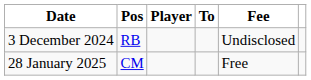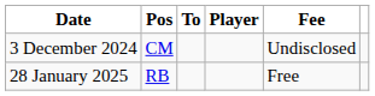 <table class="wikitable plainrowheaders sortable">
 <tr>
 <th style="background-color:white;">Date</th>
 <th style="background-color:white;">Pos</th>
+<th style="background-color:white;">To</th>
 <th style="background-color:white;">Player</th>
-<th style="background-color:white;">To</th>
 <th style="background-color:white;">Fee</th>
 <th style="background-color:white;"></th>
 </tr>
 <tr>
 <td>3 December 2024</td>
-<td><a href='#'>RB</a></td>
+<td><a href='#'>CM</a></td>
 <td></td>
 <td></td>
 <td>Undisclosed</td>
 <td></td>
 </tr>
 <tr>
 <td>28 January 2025</td>
-<td><a href='#'>CM</a></td>
+<td><a href='#'>RB</a></td>
 <td></td>
 <td></td>
 <td>Free</td>
 <td></td>
 </tr>
 </table>
